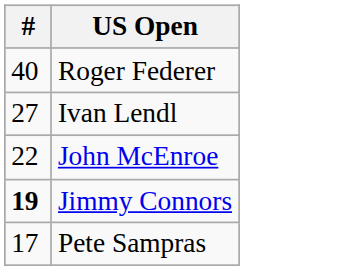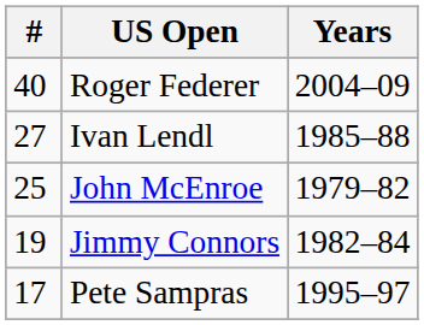 <table class="wikitable" style="display:inline-table;">
 <tr>
 <th width=20>#</th>
 <th>US Open</th>
+<th>Years</th>
 </tr>
 <tr>
 <td>40</td>
 <td> Roger Federer</td>
+<td>2004–09</td>
 </tr>
 <tr>
 <td>27</td>
 <td> Ivan Lendl</td>
+<td>1985–88</td>
 </tr>
 <tr>
-<td>22</td>
+<td>25</td>
 <td> <a href='#'>John McEnroe</a></td>
+<td>1979–82</td>
 </tr>
 <tr>
-<td><strong>19</strong></td>
+<td>19</td>
 <td> <a href='#'>Jimmy Connors</a></td>
+<td>1982–84</td>
 </tr>
 <tr>
 <td>17</td>
 <td> Pete Sampras</td>
+<td>1995–97</td>
 </tr>
 </table>
